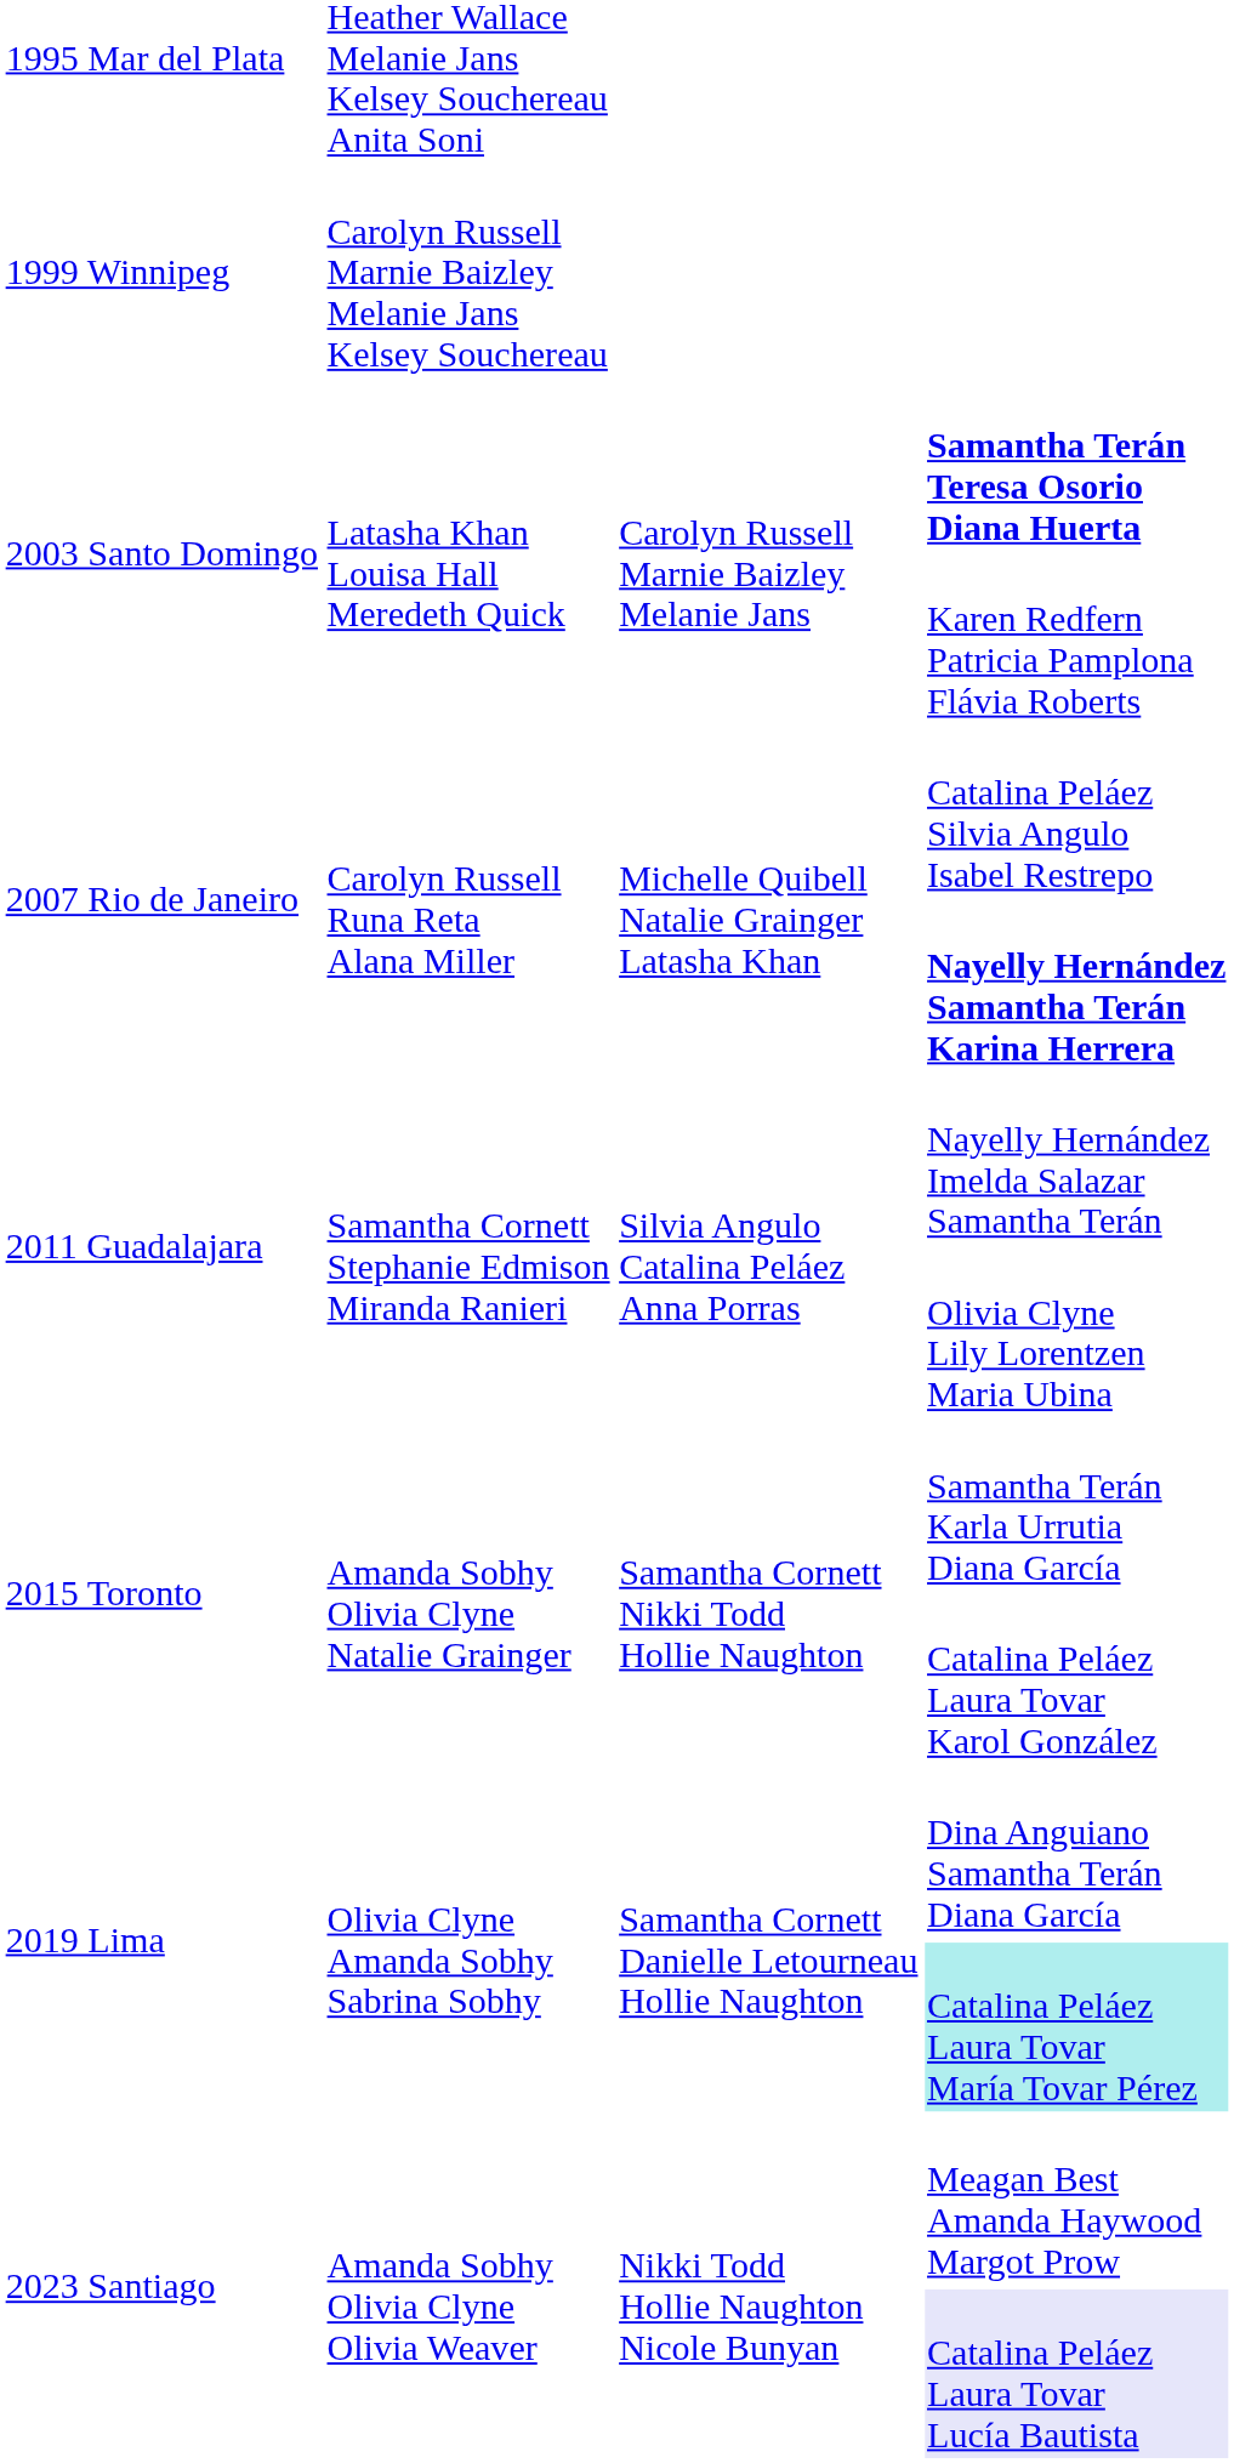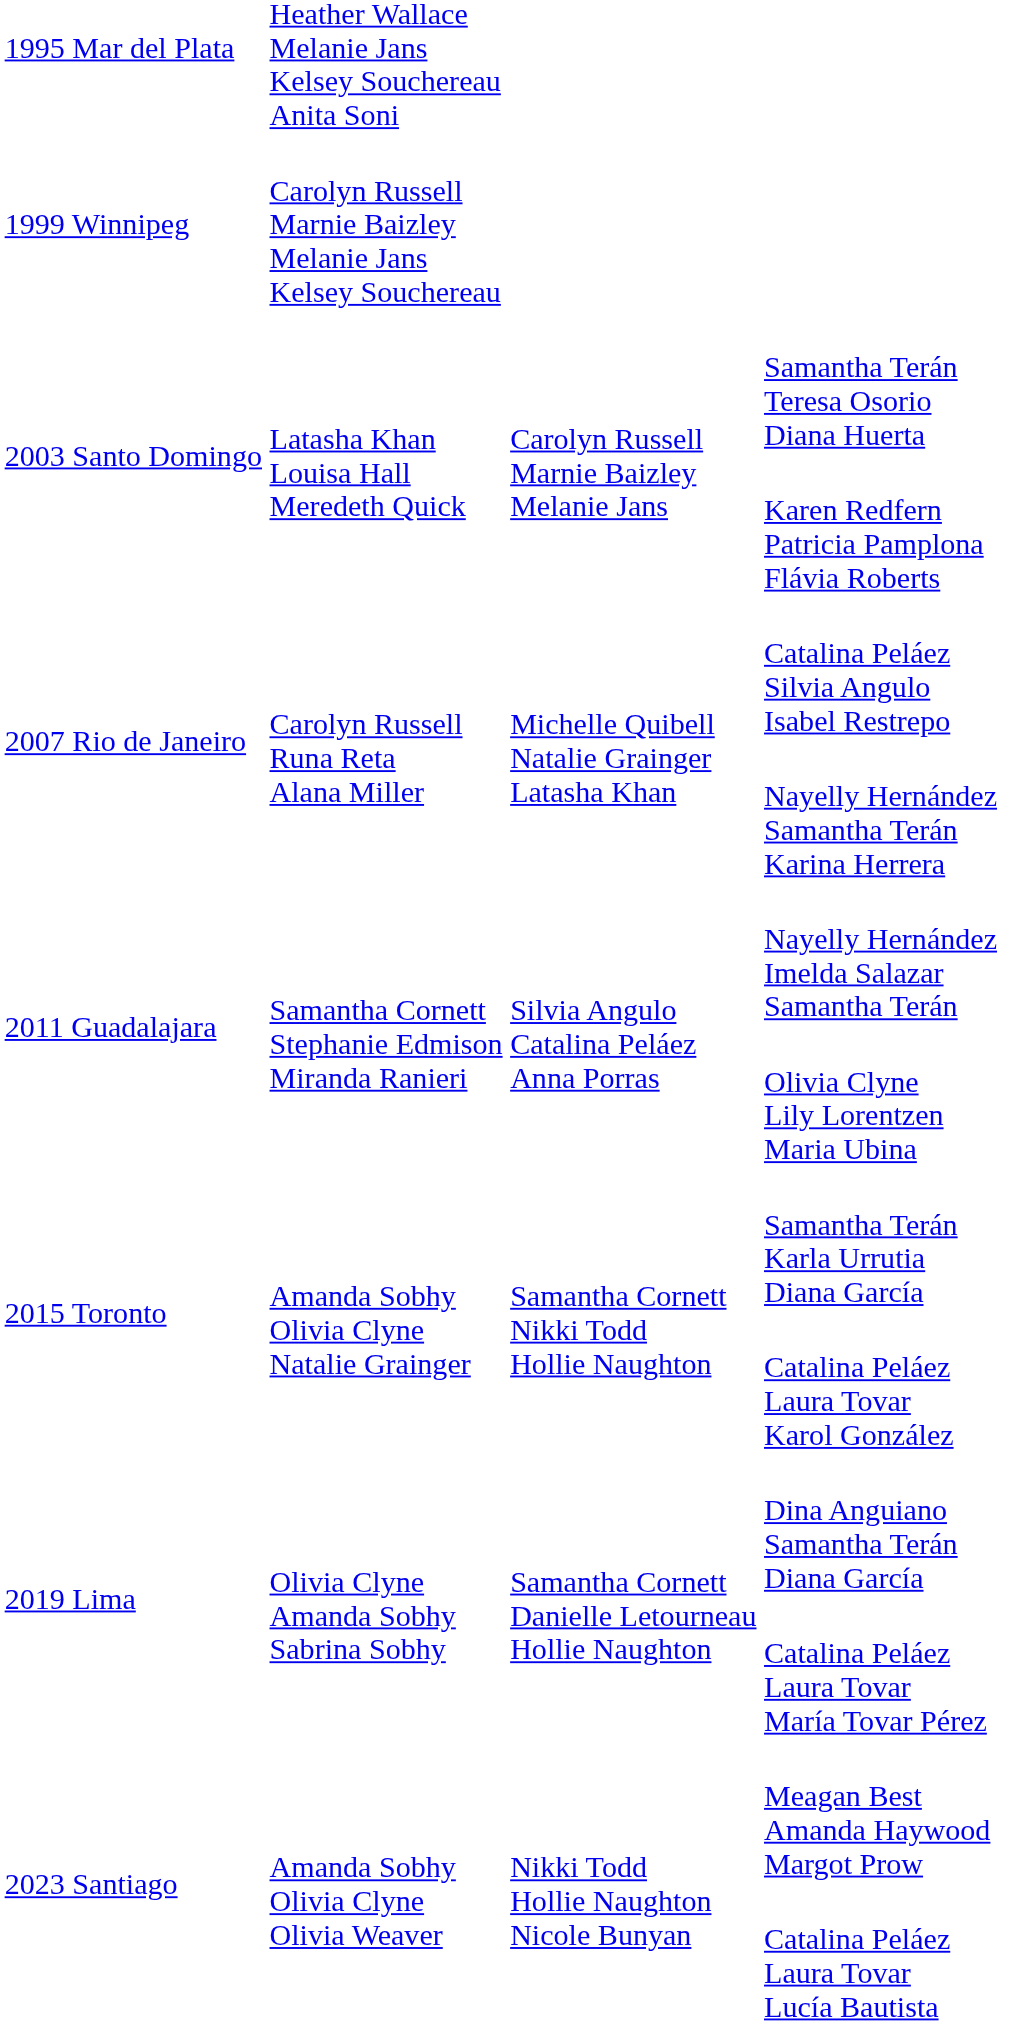 <table>
 <tr>
 <td><a href='#'>1995 Mar del Plata</a><br></td>
 <td><br><a href='#'>Heather Wallace</a><br><a href='#'>Melanie Jans</a><br><a href='#'>Kelsey Souchereau</a><br><a href='#'>Anita Soni</a></td>
 <td></td>
 <td></td>
 </tr>
 <tr>
 <td rowspan=2><a href='#'>1999 Winnipeg</a><br></td>
 <td rowspan=2><br><a href='#'>Carolyn Russell</a><br><a href='#'>Marnie Baizley</a><br><a href='#'>Melanie Jans</a><br><a href='#'>Kelsey Souchereau</a></td>
 <td rowspan=2></td>
 <td></td>
 </tr>
 <tr>
 <td></td>
 </tr>
 <tr>
 <td rowspan=2><a href='#'>2003 Santo Domingo</a><br></td>
 <td rowspan=2><br><a href='#'>Latasha Khan</a><br><a href='#'>Louisa Hall</a><br><a href='#'>Meredeth Quick</a></td>
 <td rowspan=2><br><a href='#'>Carolyn Russell</a><br><a href='#'>Marnie Baizley</a><br><a href='#'>Melanie Jans</a></td>
-<td><strong><br><a href='#'>Samantha Terán</a><br><a href='#'>Teresa Osorio</a><br><a href='#'>Diana Huerta</a></strong></td>
+<td><br><a href='#'>Samantha Terán</a><br><a href='#'>Teresa Osorio</a><br><a href='#'>Diana Huerta</a></td>
 </tr>
 <tr>
 <td><br><a href='#'>Karen Redfern</a><br><a href='#'>Patricia Pamplona</a><br><a href='#'>Flávia Roberts</a></td>
 </tr>
 <tr>
 <td rowspan=2><a href='#'>2007 Rio de Janeiro</a><br></td>
 <td rowspan=2><br><a href='#'>Carolyn Russell</a><br><a href='#'>Runa Reta</a><br><a href='#'>Alana Miller</a></td>
 <td rowspan=2><br><a href='#'>Michelle Quibell</a><br><a href='#'>Natalie Grainger</a><br><a href='#'>Latasha Khan</a></td>
 <td><br><a href='#'>Catalina Peláez</a><br><a href='#'>Silvia Angulo</a><br><a href='#'>Isabel Restrepo</a></td>
 </tr>
 <tr>
-<td><strong><br><a href='#'>Nayelly Hernández</a><br><a href='#'>Samantha Terán</a><br><a href='#'>Karina Herrera</a></strong></td>
+<td><br><a href='#'>Nayelly Hernández</a><br><a href='#'>Samantha Terán</a><br><a href='#'>Karina Herrera</a></td>
 </tr>
 <tr>
 <td rowspan=2><a href='#'>2011 Guadalajara</a><br></td>
 <td rowspan=2><br><a href='#'>Samantha Cornett</a><br><a href='#'>Stephanie Edmison</a><br><a href='#'>Miranda Ranieri</a></td>
 <td rowspan=2><br><a href='#'>Silvia Angulo</a><br><a href='#'>Catalina Peláez</a><br><a href='#'>Anna Porras</a></td>
 <td><br><a href='#'>Nayelly Hernández</a><br><a href='#'>Imelda Salazar</a><br><a href='#'>Samantha Terán</a></td>
 </tr>
 <tr>
 <td><br><a href='#'>Olivia Clyne</a><br><a href='#'>Lily Lorentzen</a><br><a href='#'>Maria Ubina</a></td>
 </tr>
 <tr>
 <td rowspan=2><a href='#'>2015 Toronto</a><br></td>
 <td rowspan=2><br><a href='#'>Amanda Sobhy</a><br><a href='#'>Olivia Clyne</a><br><a href='#'>Natalie Grainger</a></td>
 <td rowspan=2><br><a href='#'>Samantha Cornett</a><br><a href='#'>Nikki Todd</a><br><a href='#'>Hollie Naughton</a></td>
 <td><br><a href='#'>Samantha Terán</a><br><a href='#'>Karla Urrutia</a><br><a href='#'>Diana García</a></td>
 </tr>
 <tr>
 <td><br><a href='#'>Catalina Peláez</a><br><a href='#'>Laura Tovar</a><br><a href='#'>Karol González</a></td>
 </tr>
 <tr>
 <td rowspan=2><a href='#'>2019 Lima</a><br></td>
 <td rowspan=2><br><a href='#'>Olivia Clyne</a><br><a href='#'>Amanda Sobhy</a><br><a href='#'>Sabrina Sobhy</a></td>
 <td rowspan=2><br><a href='#'>Samantha Cornett</a><br><a href='#'>Danielle Letourneau</a><br><a href='#'>Hollie Naughton</a></td>
 <td><br><a href='#'>Dina Anguiano</a><br><a href='#'>Samantha Terán</a><br><a href='#'>Diana García</a></td>
 </tr>
 <tr>
-<td style="background: paleturquoise;"><br><a href='#'>Catalina Peláez</a><br><a href='#'>Laura Tovar</a><br><a href='#'>María Tovar Pérez</a></td>
+<td><br><a href='#'>Catalina Peláez</a><br><a href='#'>Laura Tovar</a><br><a href='#'>María Tovar Pérez</a></td>
 </tr>
 <tr>
 <td rowspan=2><a href='#'>2023 Santiago</a><br></td>
 <td rowspan=2><br><a href='#'>Amanda Sobhy</a><br><a href='#'>Olivia Clyne</a><br><a href='#'>Olivia Weaver</a></td>
 <td rowspan=2><br><a href='#'>Nikki Todd</a><br><a href='#'>Hollie Naughton</a><br><a href='#'>Nicole Bunyan</a></td>
 <td><br><a href='#'>Meagan Best</a><br><a href='#'>Amanda Haywood</a><br><a href='#'>Margot Prow</a></td>
 </tr>
 <tr>
-<td style="background: lavender;"><br><a href='#'>Catalina Peláez</a><br><a href='#'>Laura Tovar</a><br><a href='#'>Lucía Bautista</a></td>
+<td><br><a href='#'>Catalina Peláez</a><br><a href='#'>Laura Tovar</a><br><a href='#'>Lucía Bautista</a></td>
 </tr>
 </table>
